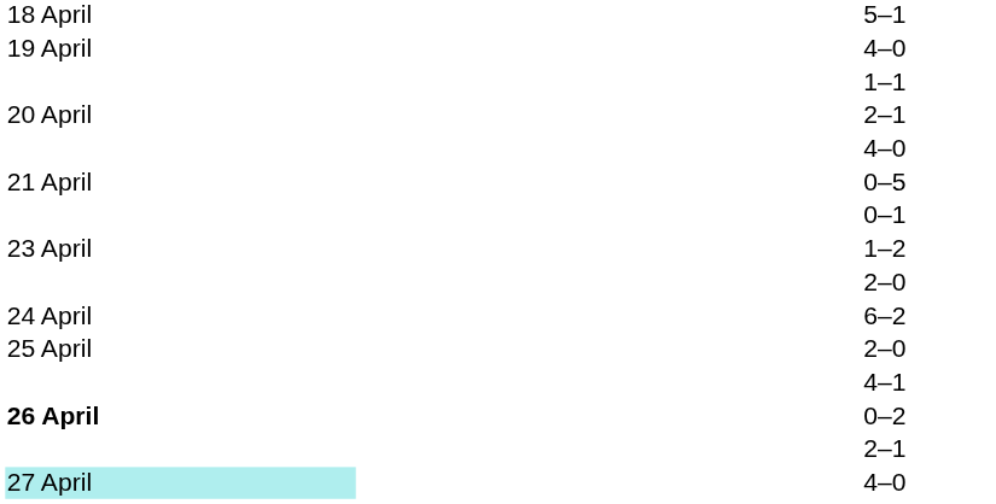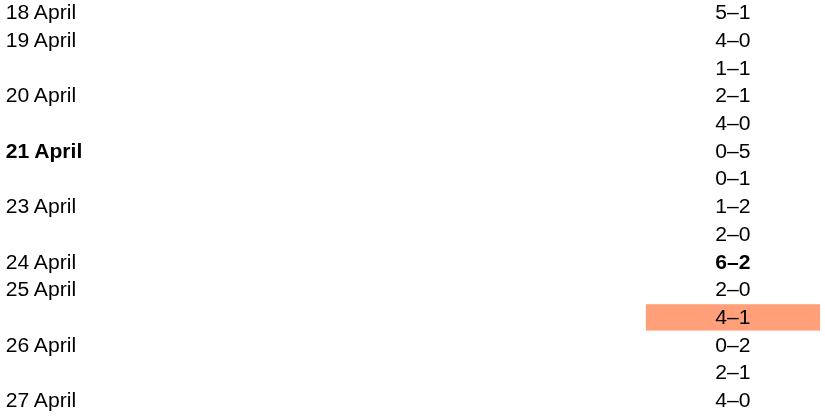 <table cellspacing=1 width=70%>
 <tr>
 <th width=25%></th>
 <th width=30%></th>
 <th width=15%></th>
 <th width=30%></th>
 </tr>
 <tr>
 <td>18 April</td>
 <td align=right></td>
 <td align=center>5–1</td>
 <td></td>
 </tr>
 <tr>
 <td>19 April</td>
 <td align=right></td>
 <td align=center>4–0</td>
 <td></td>
 </tr>
 <tr>
 <td></td>
 <td align=right></td>
 <td align=center>1–1</td>
 <td></td>
 </tr>
 <tr>
 <td>20 April</td>
 <td align=right></td>
 <td align=center>2–1</td>
 <td></td>
 </tr>
 <tr>
 <td></td>
 <td align=right></td>
 <td align=center>4–0</td>
 <td></td>
 </tr>
 <tr>
-<td>21 April</td>
+<td><strong>21 April</strong></td>
 <td align=right></td>
 <td align=center>0–5</td>
 <td></td>
 </tr>
 <tr>
 <td></td>
 <td align=right></td>
 <td align=center>0–1</td>
 <td></td>
 </tr>
 <tr>
 <td>23 April</td>
 <td align=right></td>
 <td align=center>1–2</td>
 <td></td>
 </tr>
 <tr>
 <td></td>
 <td align=right></td>
 <td align=center>2–0</td>
 <td></td>
 </tr>
 <tr>
 <td>24 April</td>
 <td align=right></td>
-<td align=center>6–2</td>
+<td align=center><strong>6–2</strong></td>
 <td></td>
 </tr>
 <tr>
 <td>25 April</td>
 <td align=right></td>
 <td align=center>2–0</td>
 <td></td>
 </tr>
 <tr>
 <td></td>
 <td align=right></td>
-<td align=center>4–1</td>
+<td align=center style="background: lightsalmon;">4–1</td>
 <td></td>
 </tr>
 <tr>
-<td><strong>26 April</strong></td>
+<td>26 April</td>
 <td align=right></td>
 <td align=center>0–2</td>
 <td></td>
 </tr>
 <tr>
 <td></td>
 <td align=right></td>
 <td align=center>2–1</td>
 <td></td>
 </tr>
 <tr>
-<td style="background: paleturquoise;">27 April</td>
+<td>27 April</td>
 <td align=right></td>
 <td align=center>4–0</td>
 <td></td>
 </tr>
 </table>
